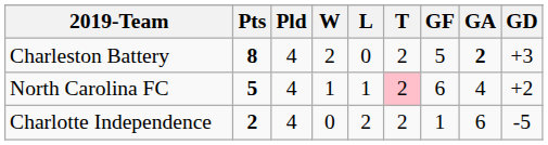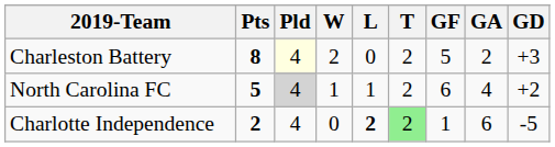 <table class="wikitable" style="text-align: center;">
 <tr>
 </tr>
 <tr>
 <th width="165">2019-Team</th>
 <th width="20">Pts</th>
 <th width="20">Pld</th>
 <th width="20">W</th>
 <th width="20">L</th>
 <th width="20">T</th>
 <th width="20">GF</th>
 <th width="20">GA</th>
 <th width="20">GD</th>
 </tr>
 <tr>
 <td style="text-align:left;">Charleston Battery</td>
 <td><strong>8</strong></td>
-<td>4</td>
+<td style="background: lightyellow;">4</td>
 <td>2</td>
 <td>0</td>
 <td>2</td>
 <td>5</td>
-<td><strong>2</strong></td>
+<td>2</td>
 <td>+3</td>
 </tr>
 <tr>
 <td style="text-align:left;">North Carolina FC</td>
 <td><strong>5</strong></td>
-<td>4</td>
+<td style="background: lightgrey;">4</td>
 <td>1</td>
 <td>1</td>
-<td style="background: pink;">2</td>
+<td>2</td>
 <td>6</td>
 <td>4</td>
 <td>+2</td>
 </tr>
 <tr>
 <td style="text-align:left;">Charlotte Independence</td>
 <td><strong>2</strong></td>
 <td>4</td>
 <td>0</td>
-<td>2</td>
-<td>2</td>
+<td><strong>2</strong></td>
+<td style="background: lightgreen;">2</td>
 <td>1</td>
 <td>6</td>
 <td>-5</td>
 </tr>
 </table>
